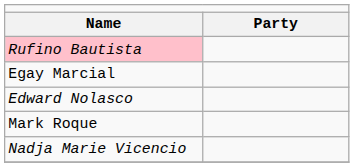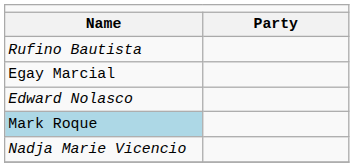 <table class=wikitable style="font-size:90%">
 <tr>
 <td colspan=4 bgcolor=></td>
 </tr>
 <tr>
 <th width=150px>Name</th>
 <th colspan=2 width=110px>Party</th>
 </tr>
 <tr>
-<td style="background: pink;"><em>Rufino Bautista</em></td>
+<td><em>Rufino Bautista</em></td>
 <td></td>
 </tr>
 <tr>
 <td>Egay Marcial</td>
 <td></td>
 </tr>
 <tr>
 <td><em>Edward Nolasco</em></td>
 <td></td>
 </tr>
 <tr>
-<td>Mark Roque</td>
+<td style="background: lightblue;">Mark Roque</td>
 <td></td>
 </tr>
 <tr>
 <td><em>Nadja Marie Vicencio</em></td>
 <td></td>
 </tr>
 <tr>
 </tr>
 </table>
